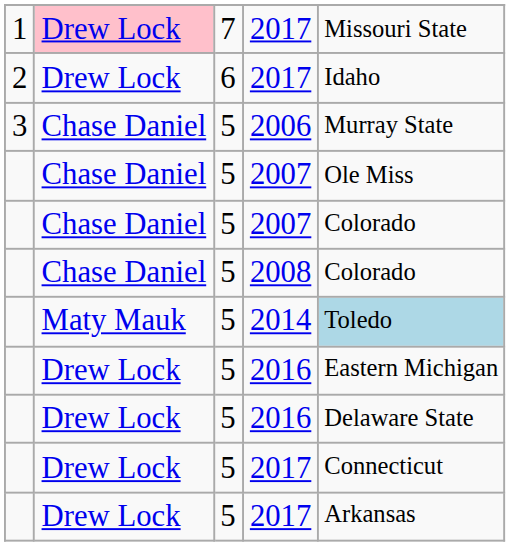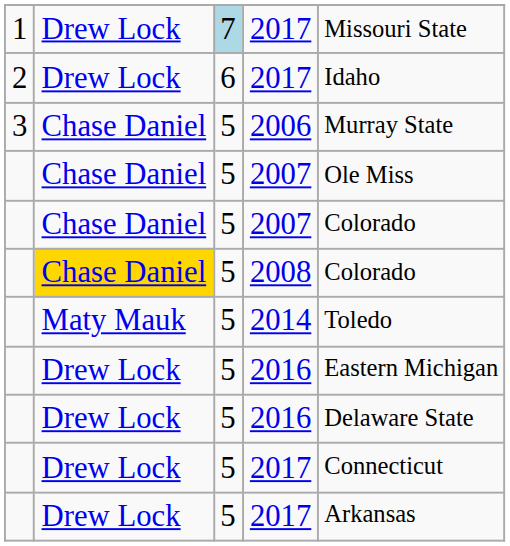 <table class="wikitable">
 <tr>
 </tr>
 <tr>
 <td>1</td>
-<td style="background: pink;"><a href='#'>Drew Lock</a></td>
-<td>7</td>
+<td><a href='#'>Drew Lock</a></td>
+<td style="background: lightblue;">7</td>
 <td><a href='#'>2017</a></td>
 <td style="font-size:80%;">Missouri State</td>
 </tr>
 <tr>
 <td>2</td>
 <td><a href='#'>Drew Lock</a></td>
 <td>6</td>
 <td><a href='#'>2017</a></td>
 <td style="font-size:80%;">Idaho</td>
 </tr>
 <tr>
 <td>3</td>
 <td><a href='#'>Chase Daniel</a></td>
 <td>5</td>
 <td><a href='#'>2006</a></td>
 <td style="font-size:80%;">Murray State</td>
 </tr>
 <tr>
 <td></td>
 <td><a href='#'>Chase Daniel</a></td>
 <td>5</td>
 <td><a href='#'>2007</a></td>
 <td style="font-size:80%;">Ole Miss</td>
 </tr>
 <tr>
 <td></td>
 <td><a href='#'>Chase Daniel</a></td>
 <td>5</td>
 <td><a href='#'>2007</a></td>
 <td style="font-size:80%;">Colorado</td>
 </tr>
 <tr>
 <td></td>
-<td><a href='#'>Chase Daniel</a></td>
+<td style="background: gold;"><a href='#'>Chase Daniel</a></td>
 <td>5</td>
 <td><a href='#'>2008</a></td>
 <td style="font-size:80%;">Colorado</td>
 </tr>
 <tr>
 <td></td>
 <td><a href='#'>Maty Mauk</a></td>
 <td>5</td>
 <td><a href='#'>2014</a></td>
-<td style="background: lightblue; font-size:80%;">Toledo</td>
+<td style="font-size:80%;">Toledo</td>
 </tr>
 <tr>
 <td></td>
 <td><a href='#'>Drew Lock</a></td>
 <td>5</td>
 <td><a href='#'>2016</a></td>
 <td style="font-size:80%;">Eastern Michigan</td>
 </tr>
 <tr>
 <td></td>
 <td><a href='#'>Drew Lock</a></td>
 <td>5</td>
 <td><a href='#'>2016</a></td>
 <td style="font-size:80%;">Delaware State</td>
 </tr>
 <tr>
 <td></td>
 <td><a href='#'>Drew Lock</a></td>
 <td>5</td>
 <td><a href='#'>2017</a></td>
 <td style="font-size:80%;">Connecticut</td>
 </tr>
 <tr>
 <td></td>
 <td><a href='#'>Drew Lock</a></td>
 <td>5</td>
 <td><a href='#'>2017</a></td>
 <td style="font-size:80%;">Arkansas</td>
 </tr>
 </table>
